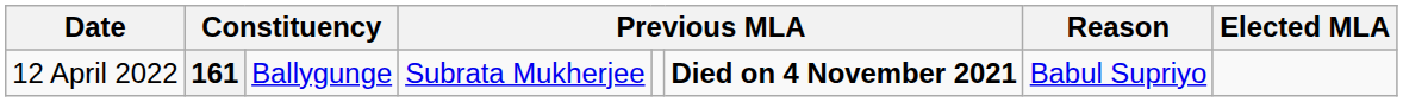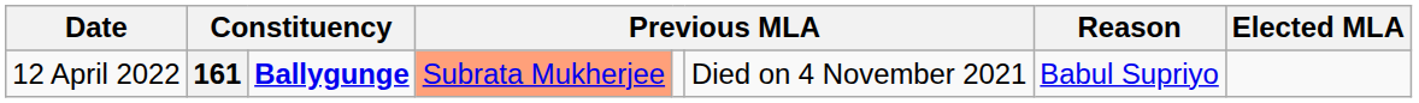 <table class="wikitable sortable" style="text-align:center;">
 <tr>
 <th>Date</th>
 <th colspan="2">Constituency</th>
 <th colspan="3">Previous MLA</th>
 <th>Reason</th>
 <th colspan="3">Elected MLA</th>
 </tr>
 <tr>
 <td>12 April 2022</td>
 <th>161</th>
-<td><a href='#'>Ballygunge</a></td>
-<td><a href='#'>Subrata Mukherjee</a></td>
+<td><strong><a href='#'>Ballygunge</a></strong></td>
+<td style="background: lightsalmon;"><a href='#'>Subrata Mukherjee</a></td>
 <td></td>
-<td><strong>Died on 4 November 2021</strong></td>
+<td>Died on 4 November 2021</td>
 <td><a href='#'>Babul Supriyo</a></td>
 <td></td>
 </tr>
 </table>
